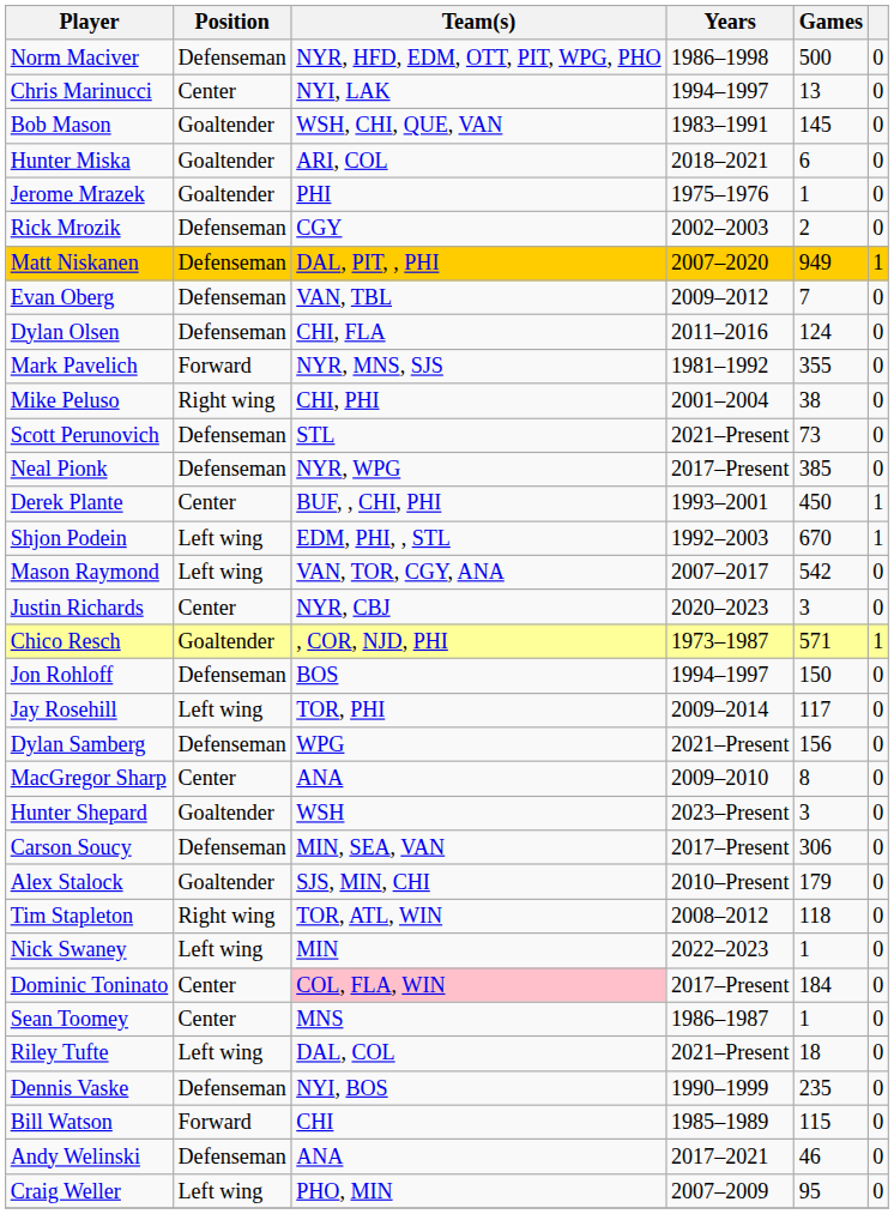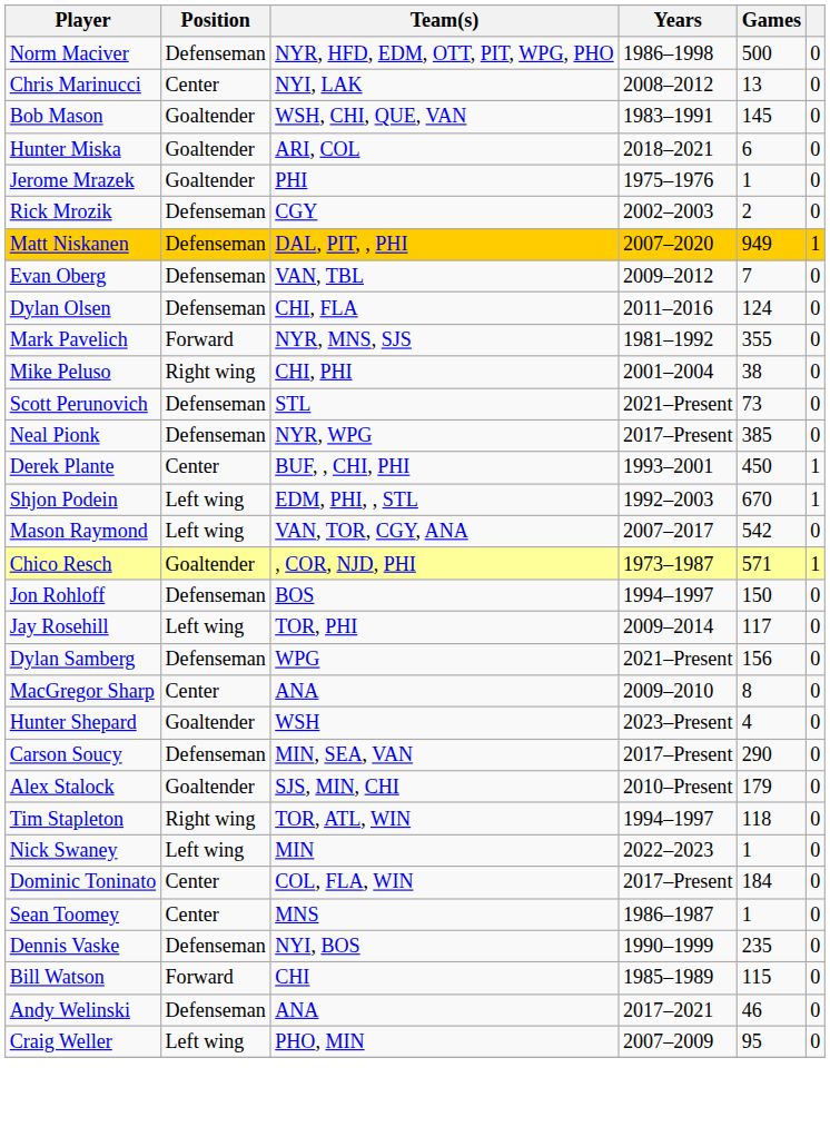 <table class="wikitable sortable">
 <tr>
 <th>Player</th>
 <th>Position</th>
 <th>Team(s)</th>
 <th>Years</th>
 <th>Games</th>
 <th><a href='#'></a></th>
 </tr>
 <tr>
 <td><a href='#'>Norm Maciver</a></td>
 <td>Defenseman</td>
 <td><a href='#'>NYR</a>, <a href='#'>HFD</a>, <a href='#'>EDM</a>, <a href='#'>OTT</a>, <a href='#'>PIT</a>, <a href='#'>WPG</a>, <a href='#'>PHO</a></td>
 <td>1986–1998</td>
 <td>500</td>
 <td>0</td>
 </tr>
 <tr>
 <td><a href='#'>Chris Marinucci</a></td>
 <td>Center</td>
 <td><a href='#'>NYI</a>, <a href='#'>LAK</a></td>
-<td>1994–1997</td>
+<td>2008–2012</td>
 <td>13</td>
 <td>0</td>
 </tr>
 <tr>
 <td><a href='#'>Bob Mason</a></td>
 <td>Goaltender</td>
 <td><a href='#'>WSH</a>, <a href='#'>CHI</a>, <a href='#'>QUE</a>, <a href='#'>VAN</a></td>
 <td>1983–1991</td>
 <td>145</td>
 <td>0</td>
 </tr>
 <tr>
 <td><a href='#'>Hunter Miska</a></td>
 <td>Goaltender</td>
 <td><a href='#'>ARI</a>, <a href='#'>COL</a></td>
 <td>2018–2021</td>
 <td>6</td>
 <td>0</td>
 </tr>
 <tr>
 <td><a href='#'>Jerome Mrazek</a></td>
 <td>Goaltender</td>
 <td><a href='#'>PHI</a></td>
 <td>1975–1976</td>
 <td>1</td>
 <td>0</td>
 </tr>
 <tr>
 <td><a href='#'>Rick Mrozik</a></td>
 <td>Defenseman</td>
 <td><a href='#'>CGY</a></td>
 <td>2002–2003</td>
 <td>2</td>
 <td>0</td>
 </tr>
 <tr bgcolor=#ffcc00>
 <td><a href='#'>Matt Niskanen</a></td>
 <td>Defenseman</td>
 <td><a href='#'>DAL</a>, <a href='#'>PIT</a>, <span><strong></strong></span>, <a href='#'>PHI</a></td>
 <td>2007–2020</td>
 <td>949</td>
 <td>1</td>
 </tr>
 <tr>
 <td><a href='#'>Evan Oberg</a></td>
 <td>Defenseman</td>
 <td><a href='#'>VAN</a>, <a href='#'>TBL</a></td>
 <td>2009–2012</td>
 <td>7</td>
 <td>0</td>
 </tr>
 <tr>
 <td><a href='#'>Dylan Olsen</a></td>
 <td>Defenseman</td>
 <td><a href='#'>CHI</a>, <a href='#'>FLA</a></td>
 <td>2011–2016</td>
 <td>124</td>
 <td>0</td>
 </tr>
 <tr>
 <td><a href='#'>Mark Pavelich</a></td>
 <td>Forward</td>
 <td><a href='#'>NYR</a>, <a href='#'>MNS</a>, <a href='#'>SJS</a></td>
 <td>1981–1992</td>
 <td>355</td>
 <td>0</td>
 </tr>
 <tr>
 <td><a href='#'>Mike Peluso</a></td>
 <td>Right wing</td>
 <td><a href='#'>CHI</a>, <a href='#'>PHI</a></td>
 <td>2001–2004</td>
 <td>38</td>
 <td>0</td>
 </tr>
 <tr>
 <td><a href='#'>Scott Perunovich</a></td>
 <td>Defenseman</td>
 <td><a href='#'>STL</a></td>
 <td>2021–Present</td>
 <td>73</td>
 <td>0</td>
 </tr>
 <tr>
 <td><a href='#'>Neal Pionk</a></td>
 <td>Defenseman</td>
 <td><a href='#'>NYR</a>, <a href='#'>WPG</a></td>
 <td>2017–Present</td>
 <td>385</td>
 <td>0</td>
 </tr>
 <tr>
 <td><a href='#'>Derek Plante</a></td>
 <td>Center</td>
 <td><a href='#'>BUF</a>, <span><strong></strong></span>, <a href='#'>CHI</a>, <a href='#'>PHI</a></td>
 <td>1993–2001</td>
 <td>450</td>
 <td>1</td>
 </tr>
 <tr>
 <td><a href='#'>Shjon Podein</a></td>
 <td>Left wing</td>
 <td><a href='#'>EDM</a>, <a href='#'>PHI</a>, <span><strong></strong></span>, <a href='#'>STL</a></td>
 <td>1992–2003</td>
 <td>670</td>
 <td>1</td>
 </tr>
 <tr>
 <td><a href='#'>Mason Raymond</a></td>
 <td>Left wing</td>
 <td><a href='#'>VAN</a>, <a href='#'>TOR</a>, <a href='#'>CGY</a>, <a href='#'>ANA</a></td>
 <td>2007–2017</td>
 <td>542</td>
 <td>0</td>
 </tr>
-<tr>
-<td><a href='#'>Justin Richards</a></td>
-<td>Center</td>
-<td><a href='#'>NYR</a>, <a href='#'>CBJ</a></td>
-<td>2020–2023</td>
-<td>3</td>
-<td>0</td>
-</tr>
 <tr bgcolor=#FFFF99>
 <td><a href='#'>Chico Resch</a></td>
 <td>Goaltender</td>
 <td><span><strong></strong></span>, <a href='#'>COR</a>, <a href='#'>NJD</a>, <a href='#'>PHI</a></td>
 <td>1973–1987</td>
 <td>571</td>
 <td>1</td>
 </tr>
 <tr>
 <td><a href='#'>Jon Rohloff</a></td>
 <td>Defenseman</td>
 <td><a href='#'>BOS</a></td>
 <td>1994–1997</td>
 <td>150</td>
 <td>0</td>
 </tr>
 <tr>
 <td><a href='#'>Jay Rosehill</a></td>
 <td>Left wing</td>
 <td><a href='#'>TOR</a>, <a href='#'>PHI</a></td>
 <td>2009–2014</td>
 <td>117</td>
 <td>0</td>
 </tr>
 <tr>
 <td><a href='#'>Dylan Samberg</a></td>
 <td>Defenseman</td>
 <td><a href='#'>WPG</a></td>
 <td>2021–Present</td>
 <td>156</td>
 <td>0</td>
 </tr>
 <tr>
 <td><a href='#'>MacGregor Sharp</a></td>
 <td>Center</td>
 <td><a href='#'>ANA</a></td>
 <td>2009–2010</td>
 <td>8</td>
 <td>0</td>
 </tr>
 <tr>
 <td><a href='#'>Hunter Shepard</a></td>
 <td>Goaltender</td>
 <td><a href='#'>WSH</a></td>
 <td>2023–Present</td>
-<td>3</td>
+<td>4</td>
 <td>0</td>
 </tr>
 <tr>
 <td><a href='#'>Carson Soucy</a></td>
 <td>Defenseman</td>
 <td><a href='#'>MIN</a>, <a href='#'>SEA</a>, <a href='#'>VAN</a></td>
 <td>2017–Present</td>
-<td>306</td>
+<td>290</td>
 <td>0</td>
 </tr>
 <tr>
 <td><a href='#'>Alex Stalock</a></td>
 <td>Goaltender</td>
 <td><a href='#'>SJS</a>, <a href='#'>MIN</a>, <a href='#'>CHI</a></td>
 <td>2010–Present</td>
 <td>179</td>
 <td>0</td>
 </tr>
 <tr>
 <td><a href='#'>Tim Stapleton</a></td>
 <td>Right wing</td>
 <td><a href='#'>TOR</a>, <a href='#'>ATL</a>, <a href='#'>WIN</a></td>
-<td>2008–2012</td>
+<td>1994–1997</td>
 <td>118</td>
 <td>0</td>
 </tr>
 <tr>
 <td><a href='#'>Nick Swaney</a></td>
 <td>Left wing</td>
 <td><a href='#'>MIN</a></td>
 <td>2022–2023</td>
 <td>1</td>
 <td>0</td>
 </tr>
 <tr>
 <td><a href='#'>Dominic Toninato</a></td>
 <td>Center</td>
-<td style="background: pink;"><a href='#'>COL</a>, <a href='#'>FLA</a>, <a href='#'>WIN</a></td>
+<td><a href='#'>COL</a>, <a href='#'>FLA</a>, <a href='#'>WIN</a></td>
 <td>2017–Present</td>
 <td>184</td>
 <td>0</td>
 </tr>
 <tr>
 <td><a href='#'>Sean Toomey</a></td>
 <td>Center</td>
 <td><a href='#'>MNS</a></td>
 <td>1986–1987</td>
 <td>1</td>
-<td>0</td>
-</tr>
-<tr>
-<td><a href='#'>Riley Tufte</a></td>
-<td>Left wing</td>
-<td><a href='#'>DAL</a>, <a href='#'>COL</a></td>
-<td>2021–Present</td>
-<td>18</td>
 <td>0</td>
 </tr>
 <tr>
 <td><a href='#'>Dennis Vaske</a></td>
 <td>Defenseman</td>
 <td><a href='#'>NYI</a>, <a href='#'>BOS</a></td>
 <td>1990–1999</td>
 <td>235</td>
 <td>0</td>
 </tr>
 <tr>
 <td><a href='#'>Bill Watson</a></td>
 <td>Forward</td>
 <td><a href='#'>CHI</a></td>
 <td>1985–1989</td>
 <td>115</td>
 <td>0</td>
 </tr>
 <tr>
 <td><a href='#'>Andy Welinski</a></td>
 <td>Defenseman</td>
 <td><a href='#'>ANA</a></td>
 <td>2017–2021</td>
 <td>46</td>
 <td>0</td>
 </tr>
 <tr>
 <td><a href='#'>Craig Weller</a></td>
 <td>Left wing</td>
 <td><a href='#'>PHO</a>, <a href='#'>MIN</a></td>
 <td>2007–2009</td>
 <td>95</td>
 <td>0</td>
 </tr>
 <tr>
 </tr>
 </table>
